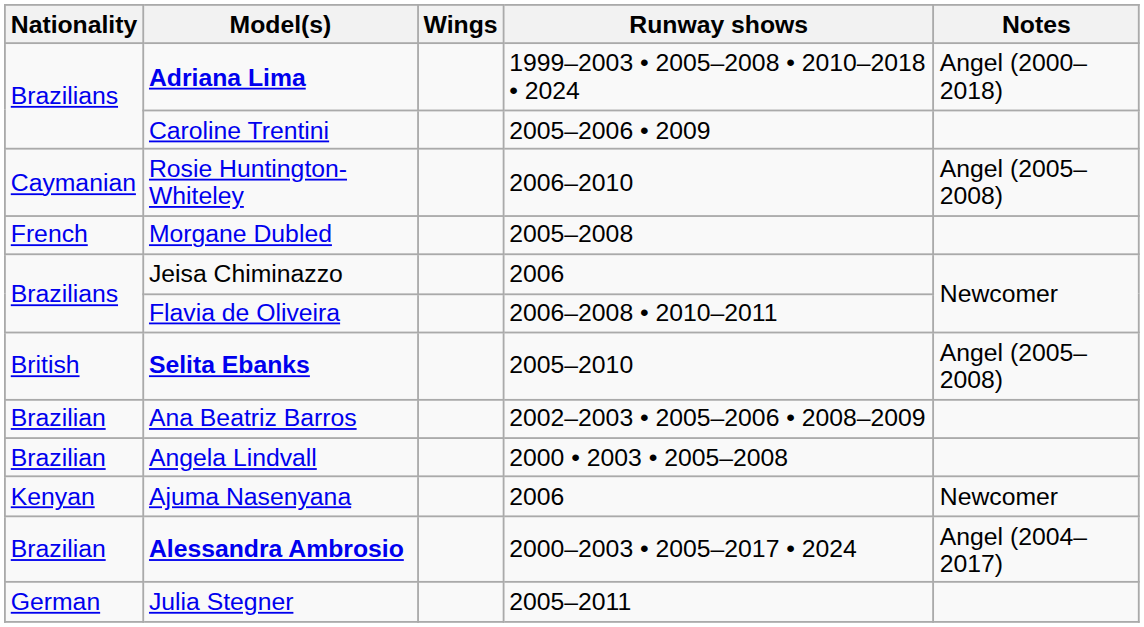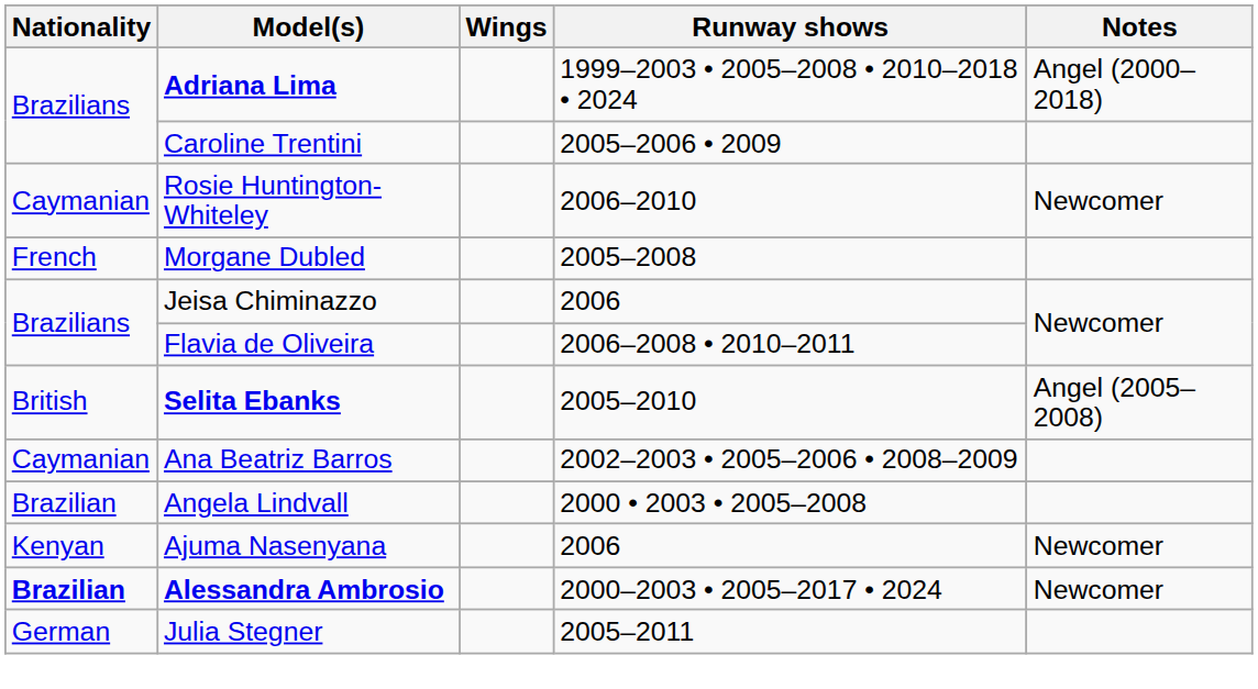 <table class="wikitable" style="font-size:85%; width:100%;">
 <tr>
 <th>Nationality</th>
 <th>Model(s)</th>
 <th>Wings</th>
 <th>Runway shows</th>
 <th>Notes</th>
 </tr>
 <tr>
 <td rowspan="2"> <a href='#'>Brazilians</a></td>
 <td><strong><a href='#'>Adriana Lima</a></strong></td>
 <td align="center"></td>
 <td>1999–2003 • 2005–2008 • 2010–2018 • 2024</td>
 <td> Angel (2000–2018)</td>
 </tr>
 <tr>
 <td><a href='#'>Caroline Trentini</a></td>
 <td></td>
 <td>2005–2006 • 2009</td>
 <td></td>
 </tr>
 <tr>
 <td> <a href='#'>Caymanian</a></td>
 <td><a href='#'>Rosie Huntington-Whiteley</a></td>
 <td></td>
 <td>2006–2010</td>
-<td> Angel (2005–2008)</td>
+<td>Newcomer</td>
 </tr>
 <tr>
 <td> <a href='#'>French</a></td>
 <td><a href='#'>Morgane Dubled</a></td>
 <td></td>
 <td>2005–2008</td>
 <td></td>
 </tr>
 <tr>
 <td rowspan="2"> <a href='#'>Brazilians</a></td>
 <td>Jeisa Chiminazzo</td>
 <td></td>
 <td>2006</td>
 <td rowspan="2'">Newcomer</td>
 </tr>
 <tr>
 <td><a href='#'>Flavia de Oliveira</a></td>
 <td></td>
 <td>2006–2008 • 2010–2011</td>
 </tr>
 <tr>
 <td> <a href='#'>British</a></td>
 <td><strong><a href='#'>Selita Ebanks</a></strong></td>
 <td></td>
 <td>2005–2010</td>
 <td> Angel (2005–2008)</td>
 </tr>
 <tr>
-<td> <a href='#'>Brazilian</a></td>
+<td> <a href='#'>Caymanian</a></td>
 <td><a href='#'>Ana Beatriz Barros</a></td>
 <td></td>
 <td>2002–2003 • 2005–2006 • 2008–2009</td>
 <td></td>
 </tr>
 <tr>
 <td> <a href='#'>Brazilian</a></td>
 <td><a href='#'>Angela Lindvall</a></td>
 <td></td>
 <td>2000 • 2003 • 2005–2008</td>
 <td></td>
 </tr>
 <tr>
 <td> <a href='#'>Kenyan</a></td>
 <td><a href='#'>Ajuma Nasenyana</a></td>
 <td></td>
 <td>2006</td>
 <td>Newcomer</td>
 </tr>
 <tr>
-<td> <a href='#'>Brazilian</a></td>
+<td><strong> <a href='#'>Brazilian</a></strong></td>
 <td><strong><a href='#'>Alessandra Ambrosio</a></strong></td>
 <td align="center"></td>
 <td>2000–2003 • 2005–2017 • 2024</td>
-<td> Angel (2004–2017)</td>
+<td>Newcomer</td>
 </tr>
 <tr>
 <td> <a href='#'>German</a></td>
 <td><a href='#'>Julia Stegner</a></td>
 <td></td>
 <td>2005–2011</td>
 <td></td>
 </tr>
 </table>
